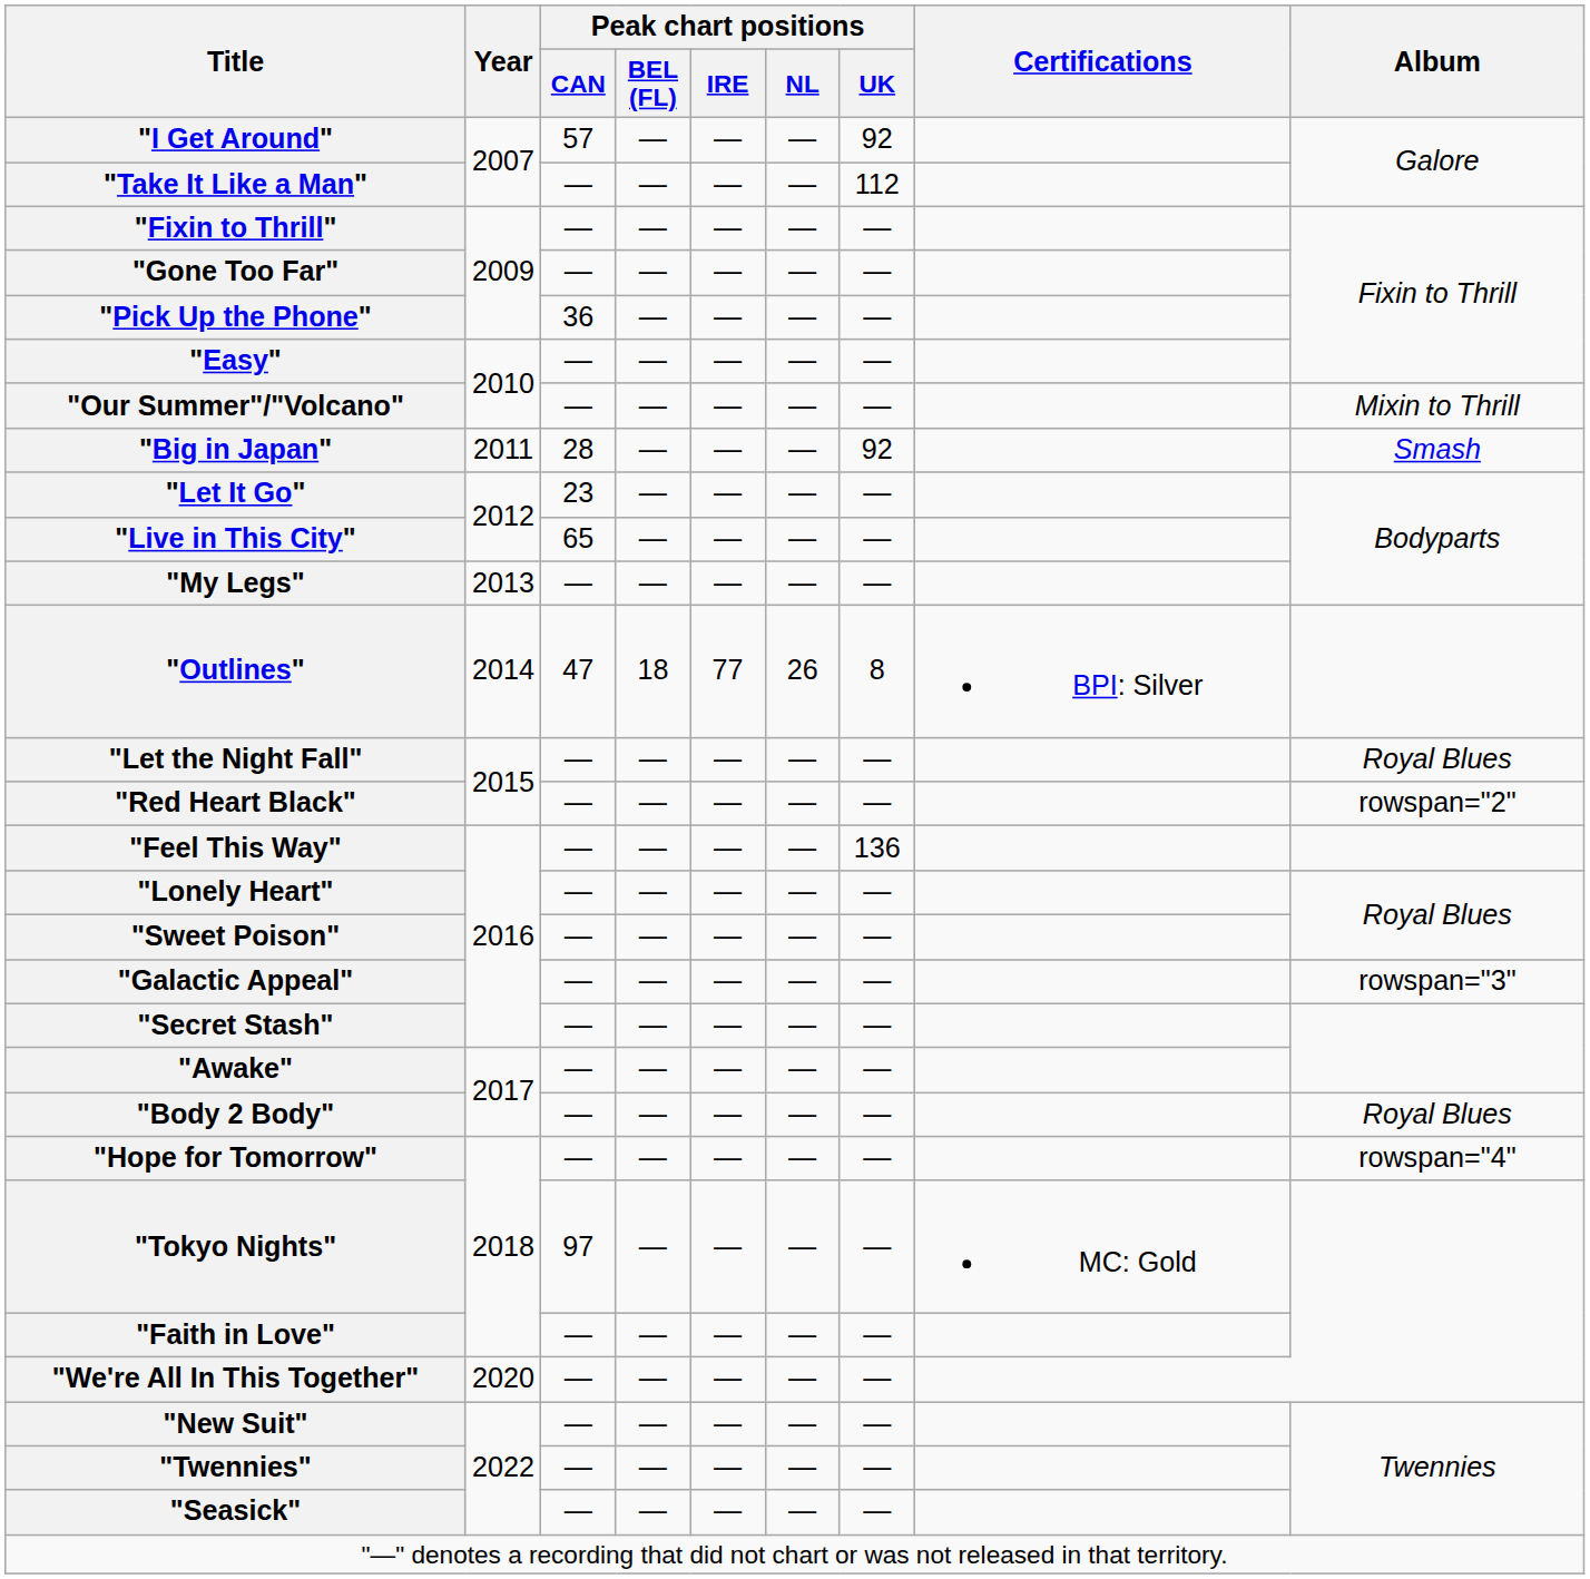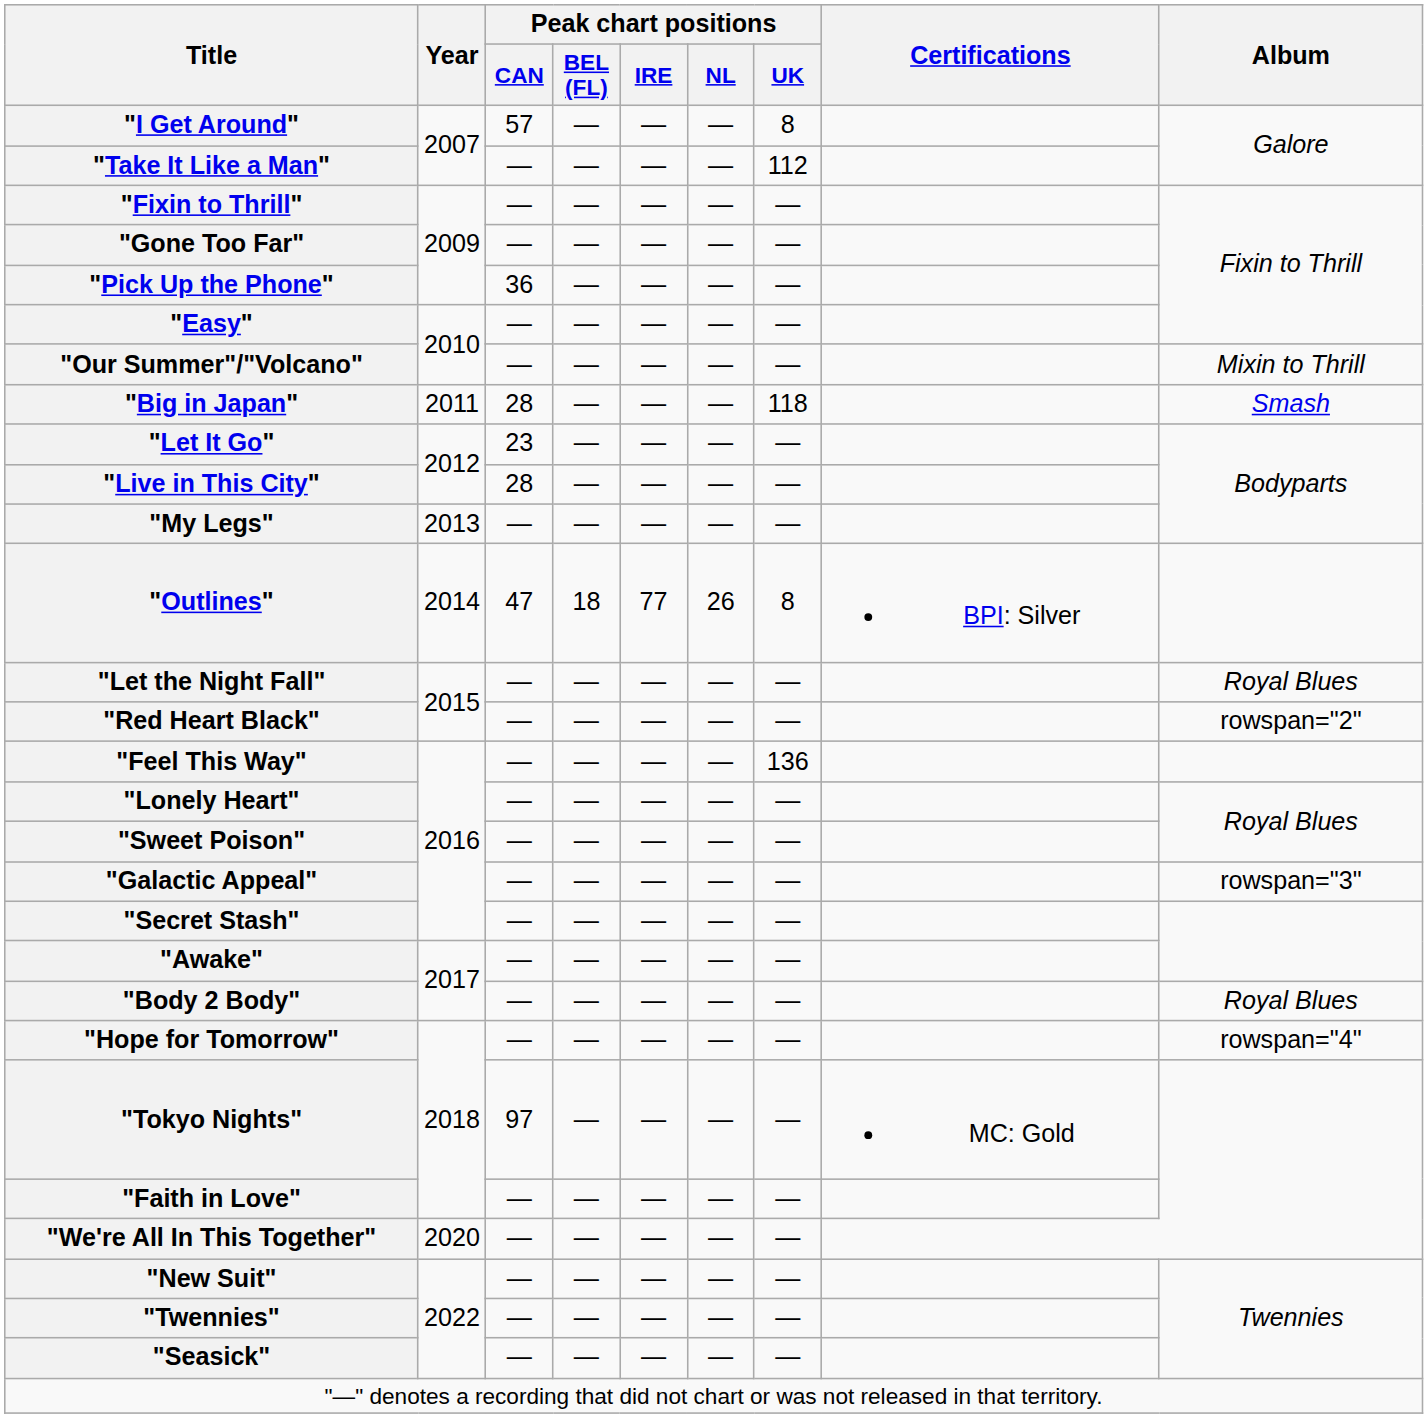 <table class="wikitable plainrowheaders" style="text-align:center;">
 <tr>
 <th scope="col" rowspan="2" style="width:16em;">Title</th>
 <th scope="col" rowspan="2" style="width:1em;">Year</th>
 <th colspan="5" scope="col">Peak chart positions</th>
 <th scope="col" rowspan="2" style="width:13em;"><a href='#'>Certifications</a></th>
 <th scope="col" rowspan="2" style="width:10em;">Album</th>
 </tr>
 <tr>
 <th scope="col" style="width:2.5em;font-size:90%;"><a href='#'>CAN</a><br></th>
 <th scope="col" style="width:2.5em;font-size:90%;"><a href='#'>BEL (FL)</a><br></th>
 <th scope="col" style="width:2.5em;font-size:90%;"><a href='#'>IRE</a><br></th>
 <th scope="col" style="width:2.5em;font-size:90%;"><a href='#'>NL</a><br></th>
 <th scope="col" style="width:2.5em;font-size:90%;"><a href='#'>UK</a><br></th>
 </tr>
 <tr>
 <th scope="row">"<a href='#'>I Get Around</a>"</th>
 <td rowspan="2">2007</td>
 <td>57</td>
 <td>—</td>
 <td>—</td>
 <td>—</td>
-<td>92</td>
+<td>8</td>
 <td></td>
 <td rowspan="2"><em>Galore</em></td>
 </tr>
 <tr>
 <th scope="row">"<a href='#'>Take It Like a Man</a>"</th>
 <td>—</td>
 <td>—</td>
 <td>—</td>
 <td>—</td>
 <td>112</td>
 <td></td>
 </tr>
 <tr>
 <th scope="row">"<a href='#'>Fixin to Thrill</a>"</th>
 <td rowspan="3">2009</td>
 <td>—</td>
 <td>—</td>
 <td>—</td>
 <td>—</td>
 <td>—</td>
 <td></td>
 <td rowspan="4"><em>Fixin to Thrill</em></td>
 </tr>
 <tr>
 <th scope="row">"Gone Too Far"</th>
 <td>—</td>
 <td>—</td>
 <td>—</td>
 <td>—</td>
 <td>—</td>
 <td></td>
 </tr>
 <tr>
 <th scope="row">"<a href='#'>Pick Up the Phone</a>"</th>
 <td>36</td>
 <td>—</td>
 <td>—</td>
 <td>—</td>
 <td>—</td>
 <td></td>
 </tr>
 <tr>
 <th scope="row">"<a href='#'>Easy</a>"</th>
 <td rowspan="2">2010</td>
 <td>—</td>
 <td>—</td>
 <td>—</td>
 <td>—</td>
 <td>—</td>
 <td></td>
 </tr>
 <tr>
 <th scope="row">"Our Summer"/"Volcano"</th>
 <td>—</td>
 <td>—</td>
 <td>—</td>
 <td>—</td>
 <td>—</td>
 <td></td>
 <td><em>Mixin to Thrill</em></td>
 </tr>
 <tr>
 <th scope="row">"<a href='#'>Big in Japan</a>"<br></th>
 <td>2011</td>
 <td>28</td>
 <td>—</td>
 <td>—</td>
 <td>—</td>
-<td>92</td>
+<td>118</td>
 <td></td>
 <td><em><a href='#'>Smash</a></em></td>
 </tr>
 <tr>
 <th scope="row">"<a href='#'>Let It Go</a>"</th>
 <td rowspan="2">2012</td>
 <td>23</td>
 <td>—</td>
 <td>—</td>
 <td>—</td>
 <td>—</td>
 <td></td>
 <td rowspan="3"><em>Bodyparts</em></td>
 </tr>
 <tr>
 <th scope="row">"<a href='#'>Live in This City</a>"</th>
-<td>65</td>
+<td>28</td>
 <td>—</td>
 <td>—</td>
 <td>—</td>
 <td>—</td>
 <td></td>
 </tr>
 <tr>
 <th scope="row">"My Legs"</th>
 <td>2013</td>
 <td>—</td>
 <td>—</td>
 <td>—</td>
 <td>—</td>
 <td>—</td>
 <td></td>
 </tr>
 <tr>
 <th scope="row">"<a href='#'>Outlines</a>"<br></th>
 <td>2014</td>
 <td>47</td>
 <td>18</td>
 <td>77</td>
 <td>26</td>
 <td>8</td>
 <td><br><ul><li><a href='#'>BPI</a>: Silver</li></ul></td>
 <td></td>
 </tr>
 <tr>
 <th scope="row">"Let the Night Fall"</th>
 <td rowspan="2">2015</td>
 <td>—</td>
 <td>—</td>
 <td>—</td>
 <td>—</td>
 <td>—</td>
 <td></td>
 <td><em>Royal Blues</em></td>
 </tr>
 <tr>
 <th scope="row">"Red Heart Black"<br></th>
 <td>—</td>
 <td>—</td>
 <td>—</td>
 <td>—</td>
 <td>—</td>
 <td></td>
 <td>rowspan="2" </td>
 </tr>
 <tr>
 <th scope="row">"Feel This Way"<br></th>
 <td rowspan="5">2016</td>
 <td>—</td>
 <td>—</td>
 <td>—</td>
 <td>—</td>
 <td>136</td>
 <td></td>
 </tr>
 <tr>
 <th scope="row">"Lonely Heart"</th>
 <td>—</td>
 <td>—</td>
 <td>—</td>
 <td>—</td>
 <td>—</td>
 <td></td>
 <td rowspan="2"><em>Royal Blues</em></td>
 </tr>
 <tr>
 <th scope="row">"Sweet Poison"<br></th>
 <td>—</td>
 <td>—</td>
 <td>—</td>
 <td>—</td>
 <td>—</td>
 <td></td>
 </tr>
 <tr>
 <th scope="row">"Galactic Appeal"<br></th>
 <td>—</td>
 <td>—</td>
 <td>—</td>
 <td>—</td>
 <td>—</td>
 <td></td>
 <td>rowspan="3" </td>
 </tr>
 <tr>
 <th scope="row">"Secret Stash"<br></th>
 <td>—</td>
 <td>—</td>
 <td>—</td>
 <td>—</td>
 <td>—</td>
 <td></td>
 </tr>
 <tr>
 <th scope="row">"Awake"<br></th>
 <td rowspan="2">2017</td>
 <td>—</td>
 <td>—</td>
 <td>—</td>
 <td>—</td>
 <td>—</td>
 <td></td>
 </tr>
 <tr>
 <th scope="row">"Body 2 Body"</th>
 <td>—</td>
 <td>—</td>
 <td>—</td>
 <td>—</td>
 <td>—</td>
 <td></td>
 <td><em>Royal Blues</em></td>
 </tr>
 <tr>
 <th scope="row">"Hope for Tomorrow"<br></th>
 <td rowspan="3">2018</td>
 <td>—</td>
 <td>—</td>
 <td>—</td>
 <td>—</td>
 <td>—</td>
 <td></td>
 <td>rowspan="4" </td>
 </tr>
 <tr>
 <th scope="row">"Tokyo Nights"<br></th>
 <td>97</td>
 <td>—</td>
 <td>—</td>
 <td>—</td>
 <td>—</td>
 <td><br><ul><li>MC: Gold</li></ul></td>
 </tr>
 <tr>
 <th scope="row">"Faith in Love"<br></th>
 <td>—</td>
 <td>—</td>
 <td>—</td>
 <td>—</td>
 <td>—</td>
 <td></td>
 </tr>
 <tr>
 <th scope="row">"We're All In This Together"</th>
 <td>2020</td>
 <td>—</td>
 <td>—</td>
 <td>—</td>
 <td>—</td>
 <td>—</td>
 </tr>
 <tr>
 <th scope="row">"New Suit"</th>
 <td rowspan="3">2022</td>
 <td>—</td>
 <td>—</td>
 <td>—</td>
 <td>—</td>
 <td>—</td>
 <td></td>
 <td rowspan="3"><em>Twennies</em></td>
 </tr>
 <tr>
 <th scope="row">"Twennies"</th>
 <td>—</td>
 <td>—</td>
 <td>—</td>
 <td>—</td>
 <td>—</td>
 <td></td>
 </tr>
 <tr>
 <th scope="row">"Seasick"</th>
 <td>—</td>
 <td>—</td>
 <td>—</td>
 <td>—</td>
 <td>—</td>
 <td></td>
 </tr>
 <tr>
 <td colspan="9" style="font-size:90%">"—" denotes a recording that did not chart or was not released in that territory.</td>
 </tr>
 </table>
